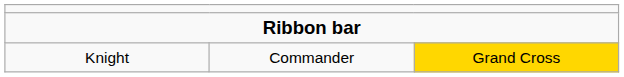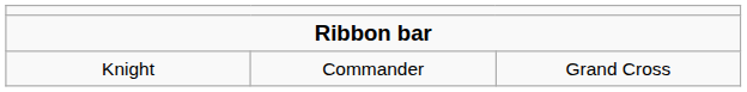 <table align=center class=wikitable width=60% style="margin-left: auto; margin-right: auto; border: none;">
 <tr>
 <td colspan="3" align="center"></td>
 </tr>
 <tr>
 <td colspan=3 style="text-align:center;"><strong>Ribbon bar</strong></td>
 </tr>
 <tr>
 <td width=20% valign=top align=center><small>Knight</small></td>
 <td width=20% valign=top align=center><small>Commander</small></td>
-<td width=20% valign=top align=center style="background: gold;"><small>Grand Cross</small></td>
+<td width=20% valign=top align=center><small>Grand Cross</small></td>
 </tr>
 <tr>
 </tr>
 </table>
